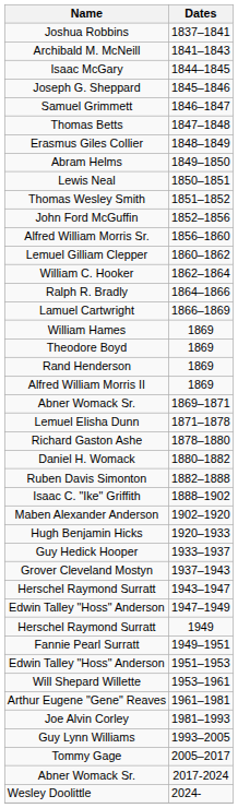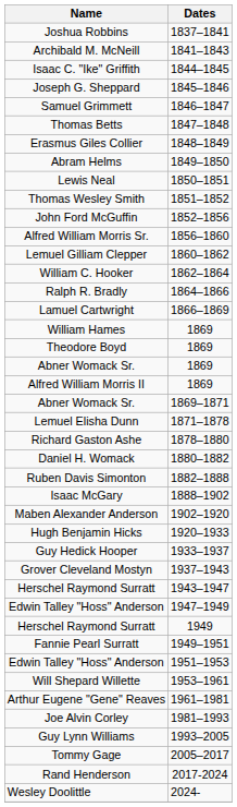 <table class="wikitable">
 <tr>
 <th>Name</th>
 <th>Dates</th>
 </tr>
 <tr style="text-align:center;">
 <td>Joshua Robbins</td>
 <td>1837–1841</td>
 </tr>
 <tr style="text-align:center;">
 <td>Archibald M. McNeill</td>
 <td>1841–1843</td>
 </tr>
 <tr style="text-align:center;">
-<td>Isaac McGary</td>
+<td>Isaac C. "Ike" Griffith</td>
 <td>1844–1845</td>
 </tr>
 <tr style="text-align:center;">
 <td>Joseph G. Sheppard</td>
 <td>1845–1846</td>
 </tr>
 <tr style="text-align:center;">
 <td>Samuel Grimmett</td>
 <td>1846–1847</td>
 </tr>
 <tr style="text-align:center;">
 <td>Thomas Betts</td>
 <td>1847–1848</td>
 </tr>
 <tr style="text-align:center;">
 <td>Erasmus Giles Collier</td>
 <td>1848–1849</td>
 </tr>
 <tr style="text-align:center;">
 <td>Abram Helms</td>
 <td>1849–1850</td>
 </tr>
 <tr style="text-align:center;">
 <td>Lewis Neal</td>
 <td>1850–1851</td>
 </tr>
 <tr style="text-align:center;">
 <td>Thomas Wesley Smith</td>
 <td>1851–1852</td>
 </tr>
 <tr style="text-align:center;">
 <td>John Ford McGuffin</td>
 <td>1852–1856</td>
 </tr>
 <tr style="text-align:center;">
 <td>Alfred William Morris Sr.</td>
 <td>1856–1860</td>
 </tr>
 <tr style="text-align:center;">
 <td>Lemuel Gilliam Clepper</td>
 <td>1860–1862</td>
 </tr>
 <tr style="text-align:center;">
 <td>William C. Hooker</td>
 <td>1862–1864</td>
 </tr>
 <tr style="text-align:center;">
 <td>Ralph R. Bradly</td>
 <td>1864–1866</td>
 </tr>
 <tr style="text-align:center;">
 <td>Lamuel Cartwright</td>
 <td>1866–1869</td>
 </tr>
 <tr style="text-align:center;">
 <td>William Hames</td>
 <td>1869</td>
 </tr>
 <tr style="text-align:center;">
 <td>Theodore Boyd</td>
 <td>1869</td>
 </tr>
 <tr style="text-align:center;">
-<td>Rand Henderson</td>
+<td>Abner Womack Sr.</td>
 <td>1869</td>
 </tr>
 <tr style="text-align:center;">
 <td>Alfred William Morris II</td>
 <td>1869</td>
 </tr>
 <tr style="text-align:center;">
 <td>Abner Womack Sr.</td>
 <td>1869–1871</td>
 </tr>
 <tr style="text-align:center;">
 <td>Lemuel Elisha Dunn</td>
 <td>1871–1878</td>
 </tr>
 <tr style="text-align:center;">
 <td>Richard Gaston Ashe</td>
 <td>1878–1880</td>
 </tr>
 <tr style="text-align:center;">
 <td>Daniel H. Womack</td>
 <td>1880–1882</td>
 </tr>
 <tr style="text-align:center;">
 <td>Ruben Davis Simonton</td>
 <td>1882–1888</td>
 </tr>
 <tr style="text-align:center;">
-<td>Isaac C. "Ike" Griffith</td>
+<td>Isaac McGary</td>
 <td>1888–1902</td>
 </tr>
 <tr style="text-align:center;">
 <td>Maben Alexander Anderson</td>
 <td>1902–1920</td>
 </tr>
 <tr style="text-align:center;">
 <td>Hugh Benjamin Hicks</td>
 <td>1920–1933</td>
 </tr>
 <tr style="text-align:center;">
 <td>Guy Hedick Hooper</td>
 <td>1933–1937</td>
 </tr>
 <tr style="text-align:center;">
 <td>Grover Cleveland Mostyn</td>
 <td>1937–1943</td>
 </tr>
 <tr style="text-align:center;">
 <td>Herschel Raymond Surratt</td>
 <td>1943–1947</td>
 </tr>
 <tr style="text-align:center;">
 <td>Edwin Talley "Hoss" Anderson</td>
 <td>1947–1949</td>
 </tr>
 <tr style="text-align:center;">
 <td>Herschel Raymond Surratt</td>
 <td>1949</td>
 </tr>
 <tr style="text-align:center;">
 <td>Fannie Pearl Surratt</td>
 <td>1949–1951</td>
 </tr>
 <tr style="text-align:center;">
 <td>Edwin Talley "Hoss" Anderson</td>
 <td>1951–1953</td>
 </tr>
 <tr style="text-align:center;">
 <td>Will Shepard Willette</td>
 <td>1953–1961</td>
 </tr>
 <tr style="text-align:center;">
 <td>Arthur Eugene "Gene" Reaves</td>
 <td>1961–1981</td>
 </tr>
 <tr style="text-align:center;">
 <td>Joe Alvin Corley</td>
 <td>1981–1993</td>
 </tr>
 <tr style="text-align:center;">
 <td>Guy Lynn Williams</td>
 <td>1993–2005</td>
 </tr>
 <tr style="text-align:center;">
 <td>Tommy Gage</td>
 <td>2005–2017</td>
 </tr>
 <tr style="text-align:center;">
-<td>Abner Womack Sr.</td>
+<td>Rand Henderson</td>
 <td>2017-2024</td>
 </tr>
 <tr style=“text-align:center;”>
 <td>Wesley Doolittle</td>
 <td>2024-</td>
 </tr>
 <tr style=“text-align:center;”>
 </tr>
 </table>
